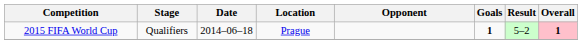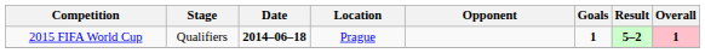 <table class="wikitable" style="font-size:90%">
 <tr>
 <th width=175px>Competition</th>
 <th width=75px>Stage</th>
 <th width=75px>Date</th>
 <th width=100px>Location</th>
 <th width=185px>Opponent</th>
 <th width=25px>Goals</th>
 <th width=25>Result</th>
 <th width=25px>Overall</th>
 </tr>
 <tr align=center>
 <td><a href='#'>2015 FIFA World Cup</a></td>
 <td>Qualifiers</td>
-<td>2014–06–18</td>
+<td><strong>2014–06–18</strong></td>
 <td><a href='#'>Prague</a></td>
 <td align=left></td>
 <td><strong>1</strong></td>
-<td bgcolor=#CCFFCC>5–2</td>
+<td bgcolor=#CCFFCC><strong>5–2</strong></td>
 <td style="background: pink;"><strong>1</strong></td>
 </tr>
 <tr>
 </tr>
 </table>
